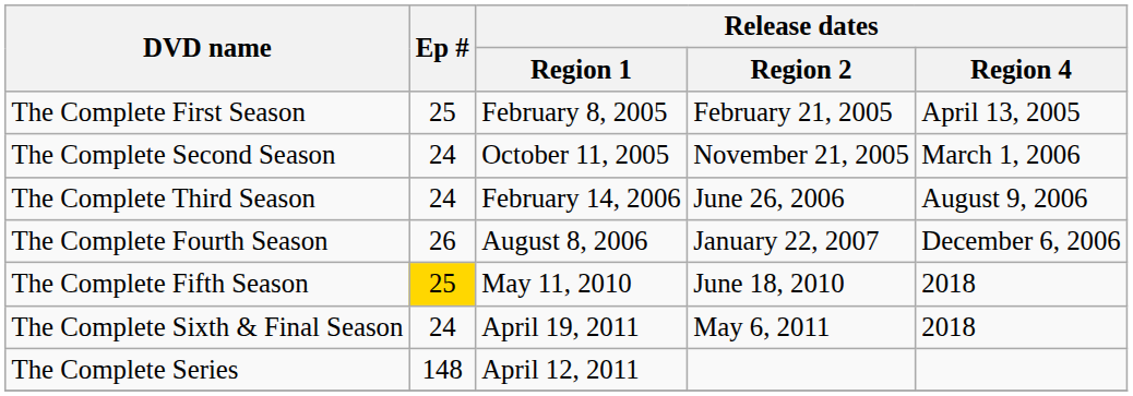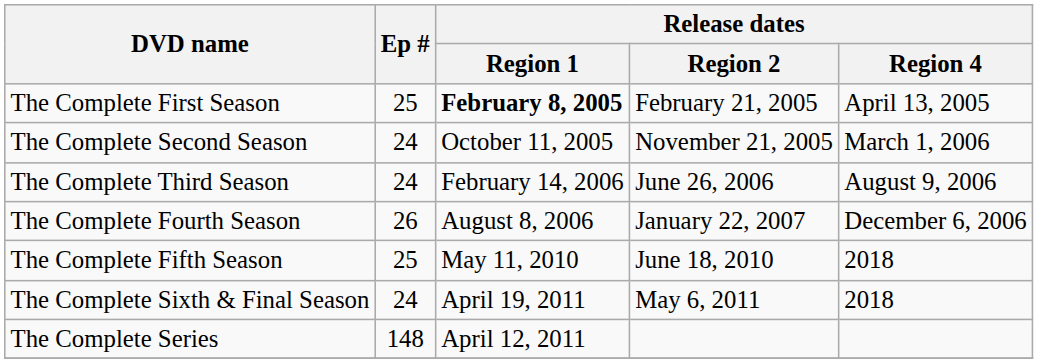 <table class="wikitable plainrowheaders">
 <tr>
 <th rowspan="2">DVD name</th>
 <th rowspan="2">Ep #</th>
 <th colspan="3">Release dates</th>
 </tr>
 <tr>
 <th>Region 1</th>
 <th>Region 2</th>
 <th>Region 4</th>
 </tr>
 <tr>
 <td>The Complete First Season</td>
 <td style="text-align:center;">25</td>
-<td>February 8, 2005</td>
+<td><strong>February 8, 2005</strong></td>
 <td>February 21, 2005</td>
 <td>April 13, 2005</td>
 </tr>
 <tr>
 <td>The Complete Second Season</td>
 <td style="text-align:center;">24</td>
 <td>October 11, 2005</td>
 <td>November 21, 2005</td>
 <td>March 1, 2006</td>
 </tr>
 <tr>
 <td>The Complete Third Season</td>
 <td style="text-align:center;">24</td>
 <td>February 14, 2006</td>
 <td>June 26, 2006</td>
 <td>August 9, 2006</td>
 </tr>
 <tr>
 <td>The Complete Fourth Season</td>
 <td style="text-align:center;">26</td>
 <td>August 8, 2006</td>
 <td>January 22, 2007</td>
 <td>December 6, 2006</td>
 </tr>
 <tr>
 <td>The Complete Fifth Season</td>
-<td style="background: gold; text-align:center;">25</td>
+<td style="text-align:center;">25</td>
 <td>May 11, 2010</td>
 <td>June 18, 2010</td>
 <td>2018</td>
 </tr>
 <tr>
 <td>The Complete Sixth & Final Season</td>
 <td style="text-align:center;">24</td>
 <td>April 19, 2011</td>
 <td>May 6, 2011</td>
 <td>2018</td>
 </tr>
 <tr>
 <td>The Complete Series</td>
 <td style="text-align:center;">148</td>
 <td>April 12, 2011</td>
 <td></td>
 <td></td>
 </tr>
 <tr>
 </tr>
 </table>
